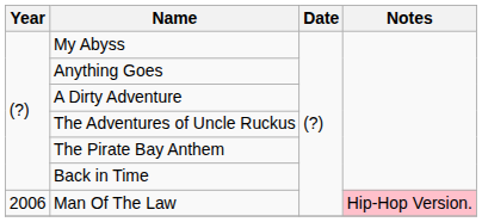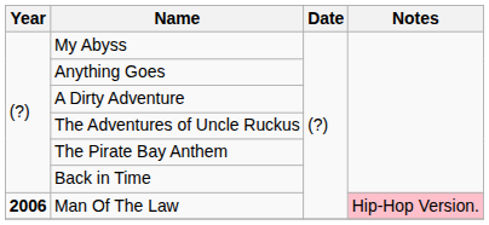 <table class="wikitable">
 <tr>
 <th>Year</th>
 <th>Name</th>
 <th>Date</th>
 <th>Notes</th>
 </tr>
 <tr>
 <td rowspan="6">(?)</td>
 <td>My Abyss</td>
 <td rowspan="7">(?)</td>
 </tr>
 <tr>
 <td>Anything Goes</td>
 </tr>
 <tr>
 <td>A Dirty Adventure</td>
 </tr>
 <tr>
 <td>The Adventures of Uncle Ruckus</td>
 </tr>
 <tr>
 <td>The Pirate Bay Anthem</td>
 </tr>
 <tr>
 <td>Back in Time</td>
 </tr>
 <tr>
-<td>2006</td>
+<td><strong>2006</strong></td>
 <td>Man Of The Law</td>
 <td style="background: pink;">Hip-Hop Version.</td>
 </tr>
 <tr>
 </tr>
 </table>
